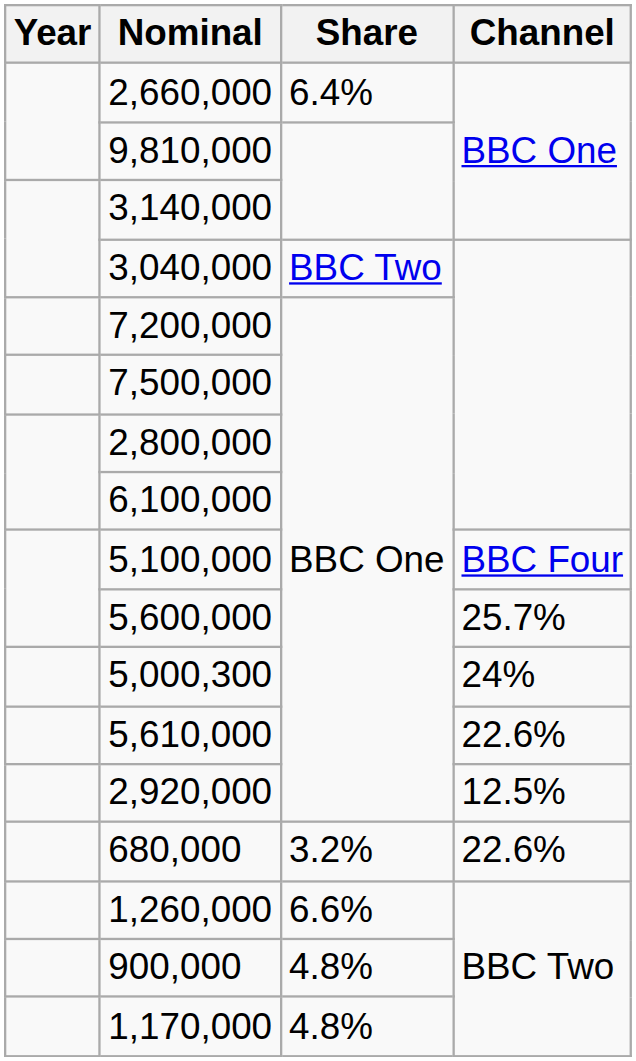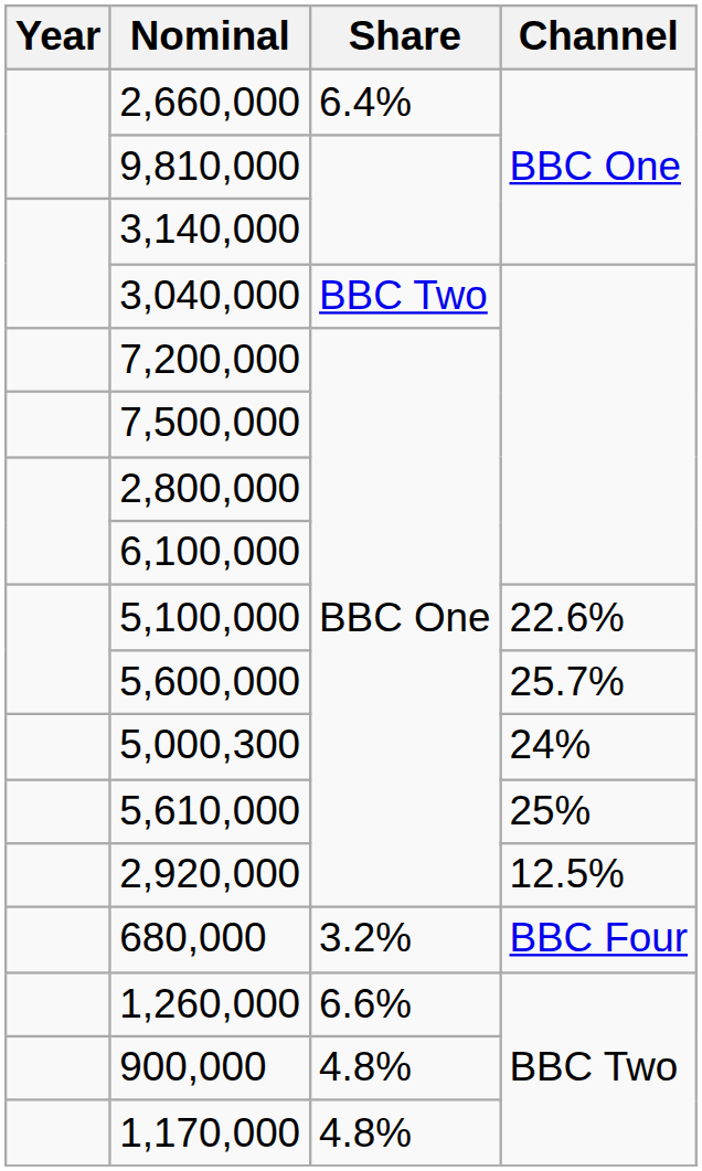 <table class="wikitable sortable">
 <tr>
 <th>Year</th>
 <th>Nominal</th>
 <th>Share</th>
 <th class="unsortable">Channel</th>
 </tr>
 <tr>
 <td rowspan="2"></td>
 <td>2,660,000</td>
 <td>6.4%</td>
 <td rowspan="3"><a href='#'>BBC One</a></td>
 </tr>
 <tr>
 <td>9,810,000</td>
 </tr>
 <tr>
 <td rowspan="2"></td>
 <td>3,140,000</td>
 </tr>
 <tr>
 <td>3,040,000</td>
 <td><a href='#'>BBC Two</a></td>
 </tr>
 <tr>
 <td></td>
 <td>7,200,000</td>
 <td rowspan="9">BBC One</td>
 </tr>
 <tr>
 <td></td>
 <td>7,500,000</td>
 </tr>
 <tr>
 <td rowspan="2"></td>
 <td>2,800,000</td>
 </tr>
 <tr>
 <td>6,100,000</td>
 </tr>
 <tr>
 <td rowspan="2"></td>
 <td>5,100,000</td>
-<td><a href='#'>BBC Four</a></td>
+<td>22.6%</td>
 </tr>
 <tr>
 <td>5,600,000</td>
 <td>25.7%</td>
 </tr>
 <tr>
 <td></td>
 <td>5,000,300</td>
 <td>24%</td>
 </tr>
 <tr>
 <td></td>
 <td>5,610,000</td>
-<td>22.6%</td>
+<td>25%</td>
 </tr>
 <tr>
 <td></td>
 <td>2,920,000</td>
 <td>12.5%</td>
 </tr>
 <tr>
 <td></td>
 <td>680,000</td>
 <td>3.2%</td>
-<td>22.6%</td>
+<td><a href='#'>BBC Four</a></td>
 </tr>
 <tr>
 <td></td>
 <td>1,260,000</td>
 <td>6.6%</td>
 <td rowspan=3>BBC Two</td>
 </tr>
 <tr>
 <td></td>
 <td>900,000</td>
 <td>4.8%</td>
 </tr>
 <tr>
 <td></td>
 <td>1,170,000</td>
 <td>4.8%</td>
 </tr>
 </table>
